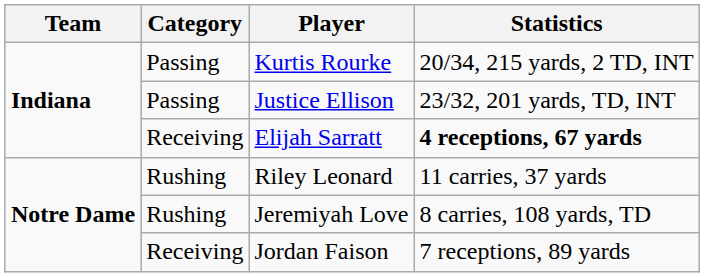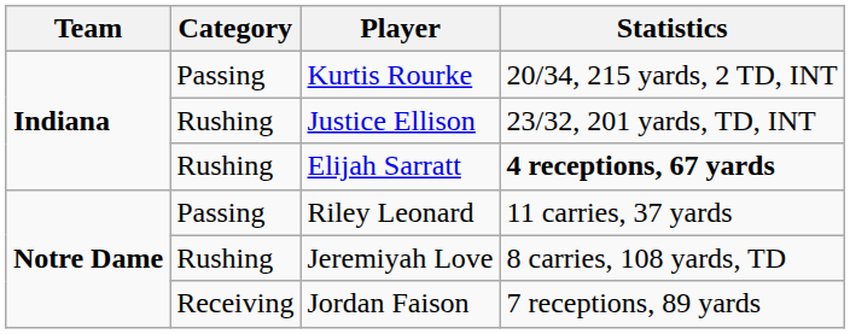 <table class="wikitable" style="float: right;">
 <tr>
 <th>Team</th>
 <th>Category</th>
 <th>Player</th>
 <th>Statistics</th>
 </tr>
 <tr>
 <td rowspan=3><strong>Indiana</strong></td>
 <td>Passing</td>
 <td><a href='#'>Kurtis Rourke</a></td>
 <td>20/34, 215 yards, 2 TD, INT</td>
 </tr>
 <tr>
-<td>Passing</td>
+<td>Rushing</td>
 <td><a href='#'>Justice Ellison</a></td>
 <td>23/32, 201 yards, TD, INT</td>
 </tr>
 <tr>
-<td>Receiving</td>
+<td>Rushing</td>
 <td><a href='#'>Elijah Sarratt</a></td>
 <td><strong>4 receptions, 67 yards</strong></td>
 </tr>
 <tr>
 <td rowspan=3><strong>Notre Dame</strong></td>
-<td>Rushing</td>
+<td>Passing</td>
 <td>Riley Leonard</td>
 <td>11 carries, 37 yards</td>
 </tr>
 <tr>
 <td>Rushing</td>
 <td>Jeremiyah Love</td>
 <td>8 carries, 108 yards, TD</td>
 </tr>
 <tr>
 <td>Receiving</td>
 <td>Jordan Faison</td>
 <td>7 receptions, 89 yards</td>
 </tr>
 </table>
